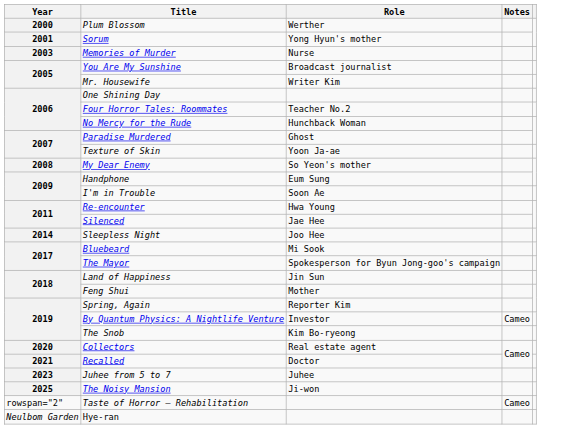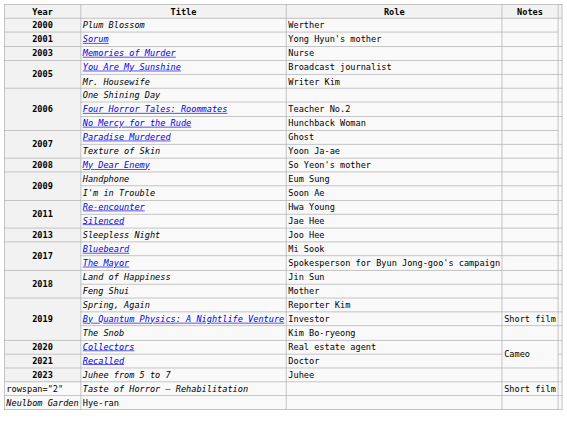 <table class="wikitable plainrowheaders sortable">
 <tr>
 <th scope="col">Year</th>
 <th scope="col">Title</th>
 <th scope="col">Role</th>
 <th scope="col">Notes</th>
 <th scope="col" class="unsortable"></th>
 </tr>
 <tr>
 <th scope="row">2000</th>
 <td><em>Plum Blossom</em></td>
 <td>Werther</td>
 <td></td>
 <td rowspan="2" style="text-align:center"></td>
 </tr>
 <tr>
 <th scope="row">2001</th>
 <td><em><a href='#'>Sorum</a></em></td>
 <td>Yong Hyun's mother</td>
 <td style="text-align:center"></td>
 </tr>
 <tr>
 <th scope="row">2003</th>
 <td><em><a href='#'>Memories of Murder</a></em></td>
 <td>Nurse</td>
 <td></td>
 <td style="text-align:center"></td>
 </tr>
 <tr>
 <th scope="row" rowspan="2">2005</th>
 <td><em><a href='#'>You Are My Sunshine</a></em></td>
 <td>Broadcast journalist</td>
 <td></td>
 <td style="text-align:center"></td>
 </tr>
 <tr>
 <td><em>Mr. Housewife</em></td>
 <td>Writer Kim</td>
 <td></td>
 <td style="text-align:center"></td>
 </tr>
 <tr>
 <th scope="row" rowspan="3">2006</th>
 <td><em>One Shining Day</em></td>
 <td></td>
 <td></td>
 <td style="text-align:center"></td>
 </tr>
 <tr>
 <td><em><a href='#'>Four Horror Tales: Roommates</a></em></td>
 <td>Teacher No.2</td>
 <td></td>
 <td style="text-align:center"></td>
 </tr>
 <tr>
 <td><em><a href='#'>No Mercy for the Rude</a></em></td>
 <td>Hunchback Woman</td>
 <td></td>
 <td rowspan="2" style="text-align:center"></td>
 </tr>
 <tr>
 <th scope="row" rowspan="2">2007</th>
 <td><em><a href='#'>Paradise Murdered</a></em></td>
 <td>Ghost</td>
 <td style="text-align:center"></td>
 </tr>
 <tr>
 <td><em>Texture of Skin</em></td>
 <td>Yoon Ja-ae</td>
 <td></td>
 <td style="text-align:center"></td>
 </tr>
 <tr>
 <th scope="row">2008</th>
 <td><em><a href='#'>My Dear Enemy</a></em></td>
 <td>So Yeon's mother</td>
 <td></td>
 <td rowspan="2" style="text-align:center"></td>
 </tr>
 <tr>
 <th scope="row" rowspan="2">2009</th>
 <td><em>Handphone</em></td>
 <td>Eum Sung</td>
 <td style="text-align:center"></td>
 </tr>
 <tr>
 <td><em>I'm in Trouble</em></td>
 <td>Soon Ae</td>
 <td></td>
 <td style="text-align:center"></td>
 </tr>
 <tr>
 <th scope="row" rowspan="2">2011</th>
 <td><em><a href='#'>Re-encounter</a></em></td>
 <td>Hwa Young</td>
 <td></td>
 <td rowspan="2" style="text-align:center"></td>
 </tr>
 <tr>
 <td><em><a href='#'>Silenced</a></em></td>
 <td>Jae Hee</td>
 <td style="text-align:center"></td>
 </tr>
 <tr>
-<th scope="row">2014</th>
+<th scope="row">2013</th>
 <td><em>Sleepless Night</em></td>
 <td>Joo Hee</td>
 <td></td>
 <td style="text-align:center"></td>
 </tr>
 <tr>
 <th scope="row" rowspan="2">2017</th>
 <td><em><a href='#'>Bluebeard</a></em></td>
 <td>Mi Sook</td>
 <td></td>
 <td style="text-align:center"></td>
 </tr>
 <tr>
 <td><em><a href='#'>The Mayor</a></em></td>
 <td>Spokesperson for Byun Jong-goo's campaign</td>
 <td></td>
 <td style="text-align:center"></td>
 </tr>
 <tr>
 <th scope="row" rowspan="2">2018</th>
 <td><em>Land of Happiness</em></td>
 <td>Jin Sun</td>
 <td></td>
 <td style="text-align:center"></td>
 </tr>
 <tr>
 <td><em>Feng Shui</em></td>
 <td>Mother</td>
 <td></td>
 <td rowspan="2" style="text-align:center"></td>
 </tr>
 <tr>
 <th scope="row" rowspan="3">2019</th>
 <td><em>Spring, Again</em></td>
 <td>Reporter Kim</td>
 <td style="text-align:center"></td>
 </tr>
 <tr>
 <td><em><a href='#'>By Quantum Physics: A Nightlife Venture</a></em></td>
 <td>Investor</td>
-<td>Cameo</td>
+<td>Short film</td>
 <td style="text-align:center"></td>
 </tr>
 <tr>
 <td><em>The Snob</em></td>
 <td>Kim Bo-ryeong</td>
 <td></td>
 <td style="text-align:center"></td>
 </tr>
 <tr>
 <th scope="row">2020</th>
 <td><em><a href='#'>Collectors</a></em></td>
 <td>Real estate agent</td>
 <td rowspan="2">Cameo</td>
 <td style="text-align:center"></td>
 </tr>
 <tr>
 <th scope="row">2021</th>
 <td><em><a href='#'>Recalled</a></em></td>
 <td>Doctor</td>
 <td style="text-align:center"></td>
 </tr>
 <tr>
 <th scope="row">2023</th>
 <td><em>Juhee from 5 to 7</em></td>
 <td>Juhee</td>
 <td></td>
 <td style="text-align:center"></td>
 </tr>
 <tr>
-<th scope="row">2025</th>
-<td><em><a href='#'>The Noisy Mansion</a></em></td>
-<td>Ji-won</td>
-<td></td>
-<td style="text-align:center"></td>
-</tr>
-<tr>
 <td>rowspan="2" </td>
 <td><em>Taste of Horror – Rehabilitation</em></td>
 <td></td>
-<td>Cameo</td>
+<td>Short film</td>
 <td style="text-align:center"></td>
 </tr>
 <tr>
 <td><em>Neulbom Garden</em></td>
 <td>Hye-ran</td>
 <td></td>
 <td style="text-align:center"></td>
 </tr>
 </table>
